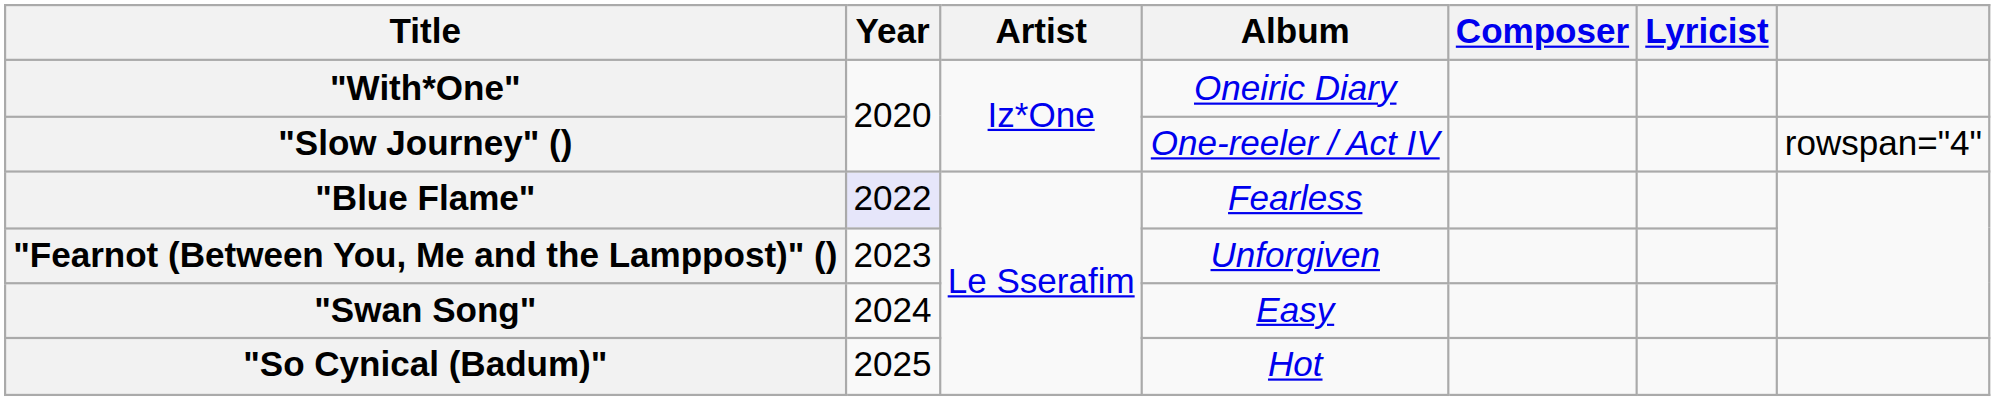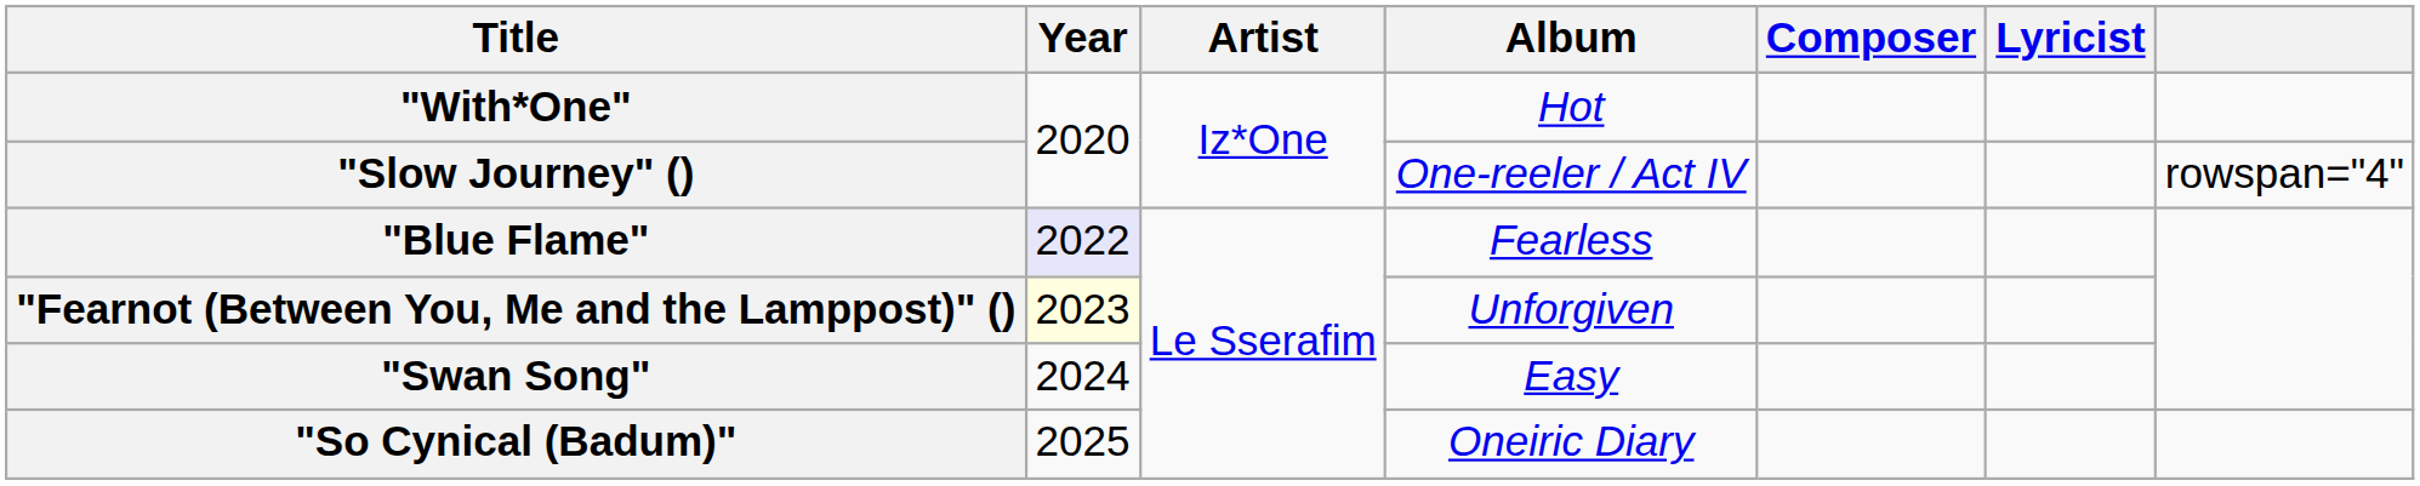 <table class="wikitable plainrowheaders" style="text-align:center">
 <tr>
 <th scope="col">Title</th>
 <th scope="col">Year</th>
 <th scope="col">Artist</th>
 <th scope="col">Album</th>
 <th scope="col"><a href='#'>Composer</a></th>
 <th scope="col"><a href='#'>Lyricist</a></th>
 <th scope="col"></th>
 </tr>
 <tr>
 <th scope="row">"With*One"</th>
 <td rowspan="2">2020</td>
 <td rowspan="2"><a href='#'>Iz*One</a></td>
-<td><a href='#'><em>Oneiric Diary</em></a></td>
+<td><em><a href='#'>Hot</a></em></td>
 <td></td>
 <td></td>
 <td></td>
 </tr>
 <tr>
 <th scope="row">"Slow Journey" ()</th>
 <td><em><a href='#'>One-reeler / Act IV</a></em></td>
 <td></td>
 <td></td>
 <td>rowspan="4" </td>
 </tr>
 <tr>
 <th scope="row">"Blue Flame"</th>
 <td style="background: lavender;">2022</td>
 <td rowspan="4"><a href='#'>Le Sserafim</a></td>
 <td><em><a href='#'>Fearless</a></em></td>
 <td></td>
 <td></td>
 </tr>
 <tr>
 <th scope="row">"Fearnot (Between You, Me and the Lamppost)" ()</th>
-<td>2023</td>
+<td style="background: lightyellow;">2023</td>
 <td><em><a href='#'>Unforgiven</a></em></td>
 <td></td>
 <td></td>
 </tr>
 <tr>
 <th scope="row">"Swan Song"</th>
 <td>2024</td>
 <td><em><a href='#'>Easy</a></em></td>
 <td></td>
 <td></td>
 </tr>
 <tr>
 <th scope="row">"So Cynical (Badum)"</th>
 <td>2025</td>
-<td><em><a href='#'>Hot</a></em></td>
+<td><a href='#'><em>Oneiric Diary</em></a></td>
 <td></td>
 <td></td>
 <td></td>
 </tr>
 </table>
